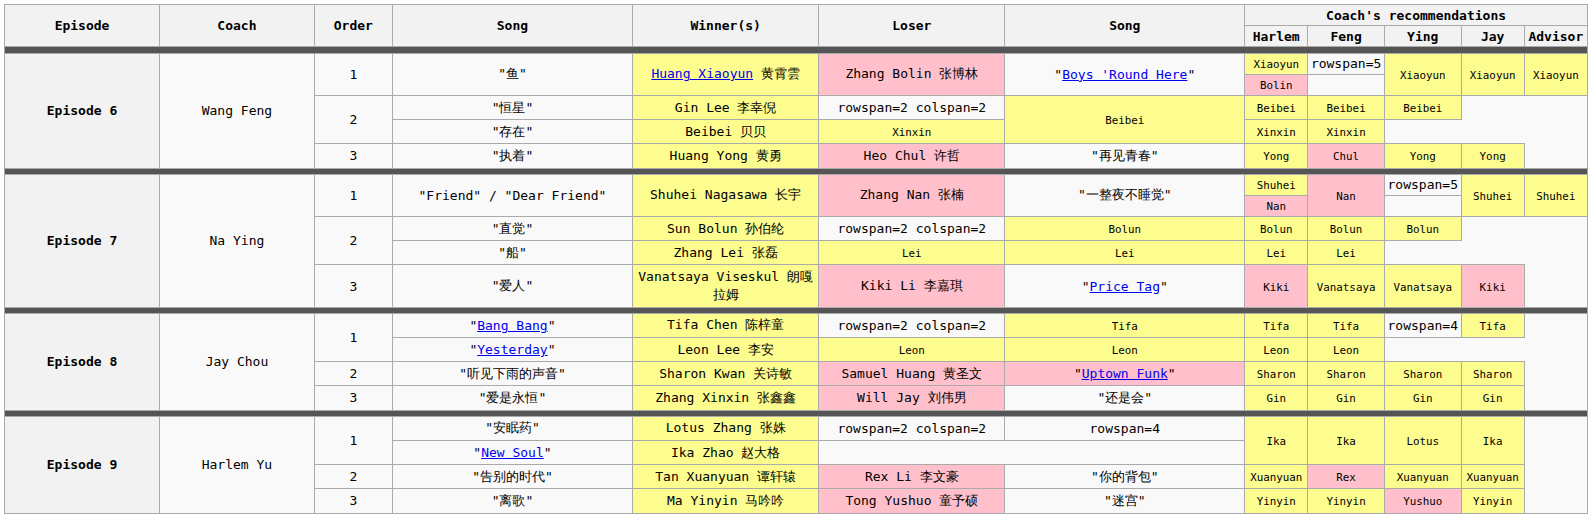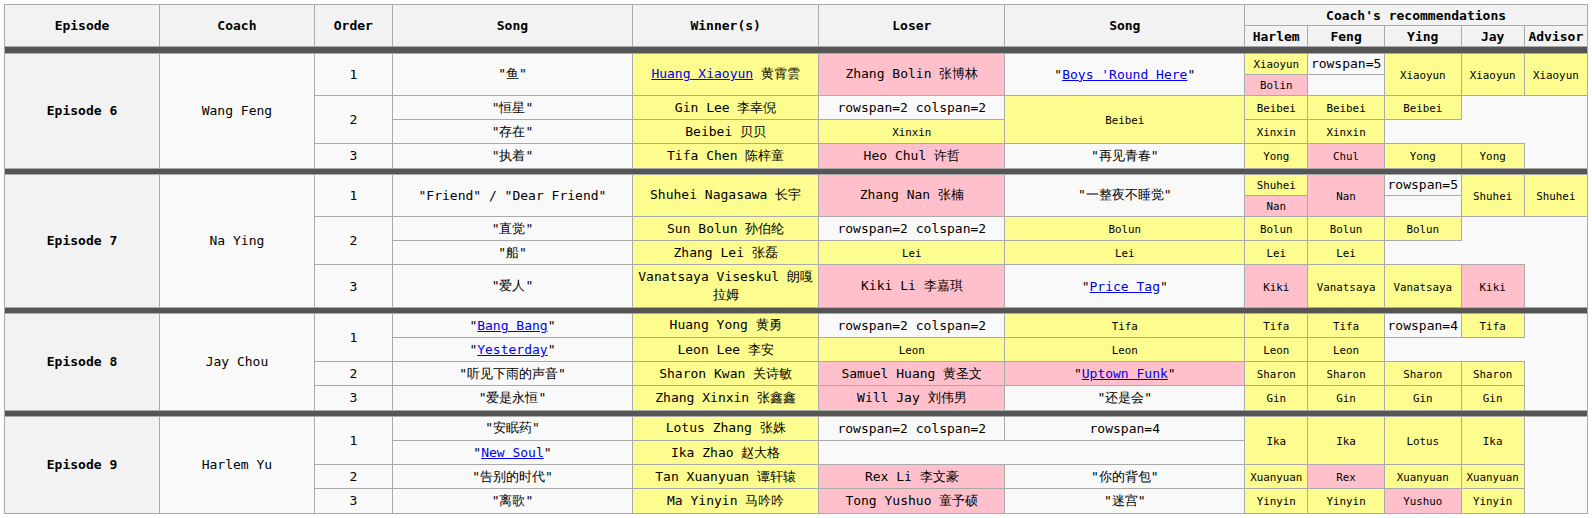 <table class="wikitable" style="text-align: center; width:100%;">
 <tr>
 <th rowspan="2" style="width:10%;">Episode</th>
 <th rowspan="2" style="width:10%;">Coach</th>
 <th rowspan="2" style="width:5%;">Order</th>
 <th rowspan="2" style="width:15.5%;">Song</th>
 <th rowspan="2" style="width:12%;">Winner(s)</th>
 <th rowspan="2" style="width:12%;">Loser</th>
 <th rowspan="2" style="width:15.5%;">Song</th>
 <th colspan="5">Coach's recommendations</th>
 </tr>
 <tr>
 <th style="width:4%;">Harlem</th>
 <th style="width:4%;">Feng</th>
 <th style="width:4%;">Ying</th>
 <th style="width:4%;">Jay</th>
 <th style="width:4%;">Advisor</th>
 </tr>
 <tr>
 <td colspan="12" style="background:#555;"></td>
 </tr>
 <tr>
 <th rowspan="5">Episode 6<br><small></small></th>
 <td rowspan=5>Wang Feng</td>
 <td rowspan=2>1</td>
 <td rowspan=2>"鱼"</td>
 <td rowspan=2 style="background:#fdfc8f;"><a href='#'>Huang Xiaoyun</a> 黄霄雲</td>
 <td rowspan=2 style="background:pink;">Zhang Bolin 张博林</td>
 <td rowspan=2>"<a href='#'>Boys 'Round Here</a>"</td>
 <td style="background:#fdfc8f;"><small>Xiaoyun</small></td>
 <td>rowspan=5 </td>
 <td rowspan=2 style="background:#fdfc8f;"><small>Xiaoyun</small></td>
 <td rowspan=2 style="background:#fdfc8f;"><small>Xiaoyun</small></td>
 <td rowspan=2 style="background:#fdfc8f;"><small>Xiaoyun</small></td>
 </tr>
 <tr>
 <td style="background:pink;"><small>Bolin</small></td>
 </tr>
 <tr>
 <td rowspan=2>2</td>
 <td>"恒星"</td>
 <td style="background:#fdfc8f;">Gin Lee 李幸倪</td>
 <td>rowspan=2 colspan=2 </td>
 <td rowspan=2 style="background:#fdfc8f;"><small>Beibei</small></td>
 <td style="background:#fdfc8f;"><small>Beibei</small></td>
 <td style="background:#fdfc8f;"><small>Beibei</small></td>
 <td style="background:#fdfc8f;"><small>Beibei</small></td>
 </tr>
 <tr>
 <td>"存在"</td>
 <td style="background:#fdfc8f;">Beibei 贝贝</td>
 <td style="background:#fdfc8f;"><small>Xinxin</small></td>
 <td style="background:#fdfc8f;"><small>Xinxin</small></td>
 <td style="background:#fdfc8f;"><small>Xinxin</small></td>
 </tr>
 <tr>
 <td>3</td>
 <td>"执着"</td>
-<td style="background:#fdfc8f;">Huang Yong 黄勇</td>
+<td style="background:#fdfc8f;">Tifa Chen 陈梓童</td>
 <td style="background:pink;">Heo Chul 许哲</td>
 <td>"再见青春"</td>
 <td style="background:#fdfc8f;"><small>Yong</small></td>
 <td style="background:pink;"><small>Chul</small></td>
 <td style="background:#fdfc8f;"><small>Yong</small></td>
 <td style="background:#fdfc8f;"><small>Yong</small></td>
 </tr>
 <tr>
 <td colspan="12" style="background:#555;"></td>
 </tr>
 <tr>
 <th rowspan="5">Episode 7<br><small></small></th>
 <td rowspan=5>Na Ying</td>
 <td rowspan=2>1</td>
 <td rowspan=2>"Friend" / "Dear Friend"</td>
 <td rowspan=2 style="background:#fdfc8f;">Shuhei Nagasawa 长宇</td>
 <td rowspan=2 style="background:pink;">Zhang Nan 张楠</td>
 <td rowspan=2>"一整夜不睡觉"</td>
 <td style="background:#fdfc8f;"><small>Shuhei</small></td>
 <td rowspan=2 style="background:pink;"><small>Nan</small></td>
 <td>rowspan=5 </td>
 <td rowspan=2 style="background:#fdfc8f;"><small>Shuhei</small></td>
 <td rowspan=2 style="background:#fdfc8f;"><small>Shuhei</small></td>
 </tr>
 <tr>
 <td style="background:pink;"><small>Nan</small></td>
 </tr>
 <tr>
 <td rowspan=2>2</td>
 <td>"直觉"</td>
 <td style="background:#fdfc8f;">Sun Bolun 孙伯纶</td>
 <td>rowspan=2 colspan=2 </td>
 <td style="background:#fdfc8f;"><small>Bolun</small></td>
 <td style="background:#fdfc8f;"><small>Bolun</small></td>
 <td style="background:#fdfc8f;"><small>Bolun</small></td>
 <td style="background:#fdfc8f;"><small>Bolun</small></td>
 </tr>
 <tr>
 <td>"船"</td>
 <td style="background:#fdfc8f;">Zhang Lei 张磊</td>
 <td style="background:#fdfc8f;"><small>Lei</small></td>
 <td style="background:#fdfc8f;"><small>Lei</small></td>
 <td style="background:#fdfc8f;"><small>Lei</small></td>
 <td style="background:#fdfc8f;"><small>Lei</small></td>
 </tr>
 <tr>
 <td>3</td>
 <td>"爱人"</td>
 <td style="background:#fdfc8f;">Vanatsaya Viseskul 朗嘎拉姆</td>
 <td style="background:pink;">Kiki Li 李嘉琪</td>
 <td>"<a href='#'>Price Tag</a>"</td>
 <td style="background:pink;"><small>Kiki</small></td>
 <td style="background:#fdfc8f;"><small>Vanatsaya</small></td>
 <td style="background:#fdfc8f;"><small>Vanatsaya</small></td>
 <td style="background:pink;"><small>Kiki</small></td>
 </tr>
 <tr>
 <td colspan="12" style="background:#555;"></td>
 </tr>
 <tr>
 <th rowspan="4">Episode 8<br><small></small></th>
 <td rowspan=4>Jay Chou</td>
 <td rowspan=2>1</td>
 <td>"<a href='#'>Bang Bang</a>"</td>
-<td style="background:#fdfc8f;">Tifa Chen 陈梓童</td>
+<td style="background:#fdfc8f;">Huang Yong 黄勇</td>
 <td>rowspan=2 colspan=2 </td>
 <td style="background:#fdfc8f;"><small>Tifa</small></td>
 <td style="background:#fdfc8f;"><small>Tifa</small></td>
 <td style="background:#fdfc8f;"><small>Tifa</small></td>
 <td>rowspan=4 </td>
 <td style="background:#fdfc8f;"><small>Tifa</small></td>
 </tr>
 <tr>
 <td>"<a href='#'>Yesterday</a>"</td>
 <td style="background:#fdfc8f;">Leon Lee 李安</td>
 <td style="background:#fdfc8f;"><small>Leon</small></td>
 <td style="background:#fdfc8f;"><small>Leon</small></td>
 <td style="background:#fdfc8f;"><small>Leon</small></td>
 <td style="background:#fdfc8f;"><small>Leon</small></td>
 </tr>
 <tr>
 <td>2</td>
 <td>"听见下雨的声音"</td>
 <td style="background:#fdfc8f;">Sharon Kwan 关诗敏</td>
 <td style="background:pink;">Samuel Huang 黄圣文</td>
 <td style="background: pink;">"<a href='#'>Uptown Funk</a>"</td>
 <td style="background:#fdfc8f;"><small>Sharon</small></td>
 <td style="background:#fdfc8f;"><small>Sharon</small></td>
 <td style="background:#fdfc8f;"><small>Sharon</small></td>
 <td style="background:#fdfc8f;"><small>Sharon</small></td>
 </tr>
 <tr>
 <td>3</td>
 <td>"爱是永恒"</td>
 <td style="background:#fdfc8f;">Zhang Xinxin 张鑫鑫</td>
 <td style="background:pink;">Will Jay 刘伟男</td>
 <td>"还是会"</td>
 <td style="background:#fdfc8f;"><small>Gin</small></td>
 <td style="background:#fdfc8f;"><small>Gin</small></td>
 <td style="background:#fdfc8f;"><small>Gin</small></td>
 <td style="background:#fdfc8f;"><small>Gin</small></td>
 </tr>
 <tr>
 <td colspan="12" style="background:#555;"></td>
 </tr>
 <tr>
 <th rowspan="4">Episode 9<br><small></small></th>
 <td rowspan=4>Harlem Yu</td>
 <td rowspan=2>1</td>
 <td>"安眠药"</td>
 <td style="background:#fdfc8f;">Lotus Zhang 张姝</td>
 <td>rowspan=2 colspan=2 </td>
 <td>rowspan=4 </td>
 <td rowspan=2 style="background:#fdfc8f;"><small>Ika</small></td>
 <td rowspan=2 style="background:#fdfc8f;"><small>Ika</small></td>
 <td rowspan=2 style="background:#fdfc8f;"><small>Lotus</small></td>
 <td rowspan=2 style="background:#fdfc8f;"><small>Ika</small></td>
 </tr>
 <tr>
 <td>"<a href='#'>New Soul</a>"</td>
 <td style="background:#fdfc8f;">Ika Zhao 赵大格</td>
 </tr>
 <tr>
 <td>2</td>
 <td>"告别的时代"</td>
 <td style="background:#fdfc8f;">Tan Xuanyuan 谭轩辕</td>
 <td style="background:pink;">Rex Li 李文豪</td>
 <td>"你的背包"</td>
 <td style="background:#fdfc8f;"><small>Xuanyuan</small></td>
 <td style="background:pink;"><small>Rex</small></td>
 <td style="background:#fdfc8f;"><small>Xuanyuan</small></td>
 <td style="background:#fdfc8f;"><small>Xuanyuan</small></td>
 </tr>
 <tr>
 <td>3</td>
 <td>"离歌"</td>
 <td style="background:#fdfc8f;">Ma Yinyin 马吟吟</td>
 <td style="background:pink;">Tong Yushuo 童予硕</td>
 <td>"迷宫"</td>
 <td style="background:#fdfc8f;"><small>Yinyin</small></td>
 <td style="background:#fdfc8f;"><small>Yinyin</small></td>
 <td style="background:pink;"><small>Yushuo</small></td>
 <td style="background:#fdfc8f;"><small>Yinyin</small></td>
 </tr>
 <tr>
 </tr>
 </table>
